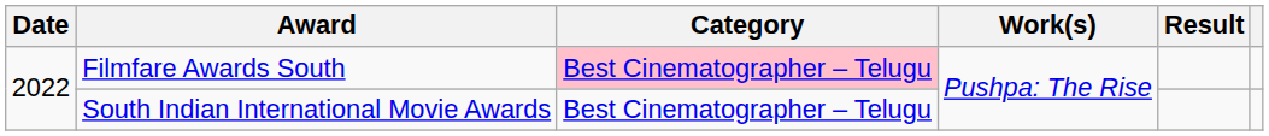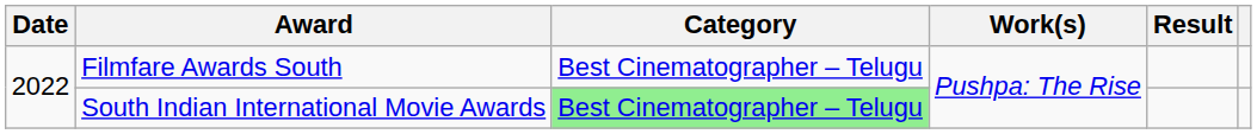 <table class="wikitable" style="margin-right: 0;">
 <tr>
 <th>Date</th>
 <th>Award</th>
 <th>Category</th>
 <th>Work(s)</th>
 <th>Result</th>
 <th></th>
 </tr>
 <tr>
 <td rowspan="2">2022</td>
 <td><a href='#'>Filmfare Awards South</a></td>
-<td style="background: pink;"><a href='#'>Best Cinematographer – Telugu</a></td>
+<td><a href='#'>Best Cinematographer – Telugu</a></td>
 <td rowspan="2"><em><a href='#'>Pushpa: The Rise</a></em></td>
 <td></td>
 <td></td>
 </tr>
 <tr>
 <td><a href='#'>South Indian International Movie Awards</a></td>
-<td><a href='#'>Best Cinematographer – Telugu</a></td>
+<td style="background: lightgreen;"><a href='#'>Best Cinematographer – Telugu</a></td>
 <td></td>
 <td></td>
 </tr>
 </table>
